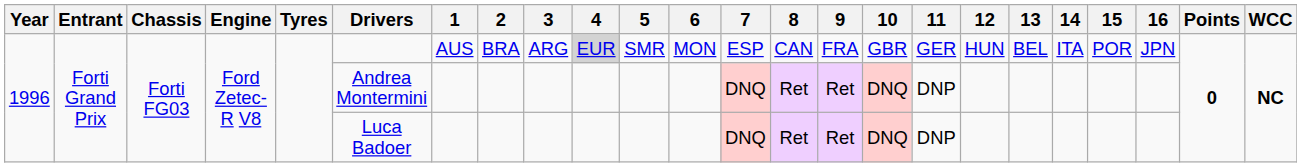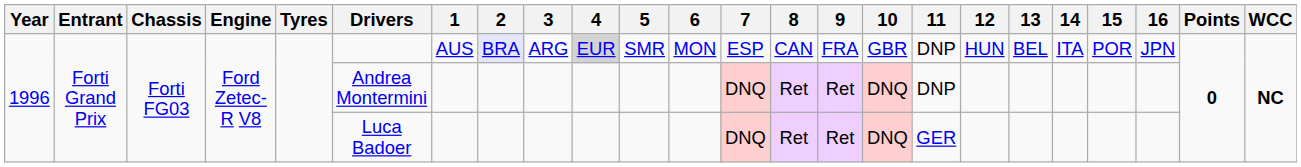 <table class="wikitable" style="text-align:center; font-size:95%">
 <tr>
 <th>Year</th>
 <th>Entrant</th>
 <th>Chassis</th>
 <th>Engine</th>
 <th>Tyres</th>
 <th>Drivers</th>
 <th>1</th>
 <th>2</th>
 <th>3</th>
 <th>4</th>
 <th>5</th>
 <th>6</th>
 <th>7</th>
 <th>8</th>
 <th>9</th>
 <th>10</th>
 <th>11</th>
 <th>12</th>
 <th>13</th>
 <th>14</th>
 <th>15</th>
 <th>16</th>
 <th>Points</th>
 <th>WCC</th>
 </tr>
 <tr>
 <td rowspan="3"><a href='#'>1996</a></td>
 <td rowspan="3"><a href='#'>Forti Grand Prix</a></td>
 <td rowspan="3"><a href='#'>Forti FG03</a></td>
 <td rowspan="3"><a href='#'>Ford Zetec-R</a> <a href='#'>V8</a></td>
 <td rowspan="3"></td>
 <td></td>
 <td><a href='#'>AUS</a></td>
-<td><a href='#'>BRA</a></td>
+<td style="background: lavender;"><a href='#'>BRA</a></td>
 <td><a href='#'>ARG</a></td>
 <td style="background: lightgrey;"><a href='#'>EUR</a></td>
 <td><a href='#'>SMR</a></td>
 <td><a href='#'>MON</a></td>
 <td><a href='#'>ESP</a></td>
 <td><a href='#'>CAN</a></td>
 <td><a href='#'>FRA</a></td>
 <td><a href='#'>GBR</a></td>
-<td><a href='#'>GER</a></td>
+<td>DNP</td>
 <td><a href='#'>HUN</a></td>
 <td><a href='#'>BEL</a></td>
 <td><a href='#'>ITA</a></td>
 <td><a href='#'>POR</a></td>
 <td><a href='#'>JPN</a></td>
 <td rowspan="3"><strong>0</strong></td>
 <td rowspan="3"><strong>NC</strong></td>
 </tr>
 <tr>
 <td><a href='#'>Andrea Montermini</a></td>
 <td></td>
 <td></td>
 <td></td>
 <td></td>
 <td></td>
 <td></td>
 <td style="background:#FFCFCF;">DNQ</td>
 <td style="background:#EFCFFF;">Ret</td>
 <td style="background:#EFCFFF;">Ret</td>
 <td style="background:#FFCFCF;">DNQ</td>
 <td>DNP</td>
 <td></td>
 <td></td>
 <td></td>
 <td></td>
 <td></td>
 </tr>
 <tr>
 <td><a href='#'>Luca Badoer</a></td>
 <td></td>
 <td></td>
 <td></td>
 <td></td>
 <td></td>
 <td></td>
 <td style="background:#FFCFCF;">DNQ</td>
 <td style="background:#EFCFFF;">Ret</td>
 <td style="background:#EFCFFF;">Ret</td>
 <td style="background:#FFCFCF;">DNQ</td>
-<td>DNP</td>
+<td><a href='#'>GER</a></td>
 <td></td>
 <td></td>
 <td></td>
 <td></td>
 <td></td>
 </tr>
 </table>
